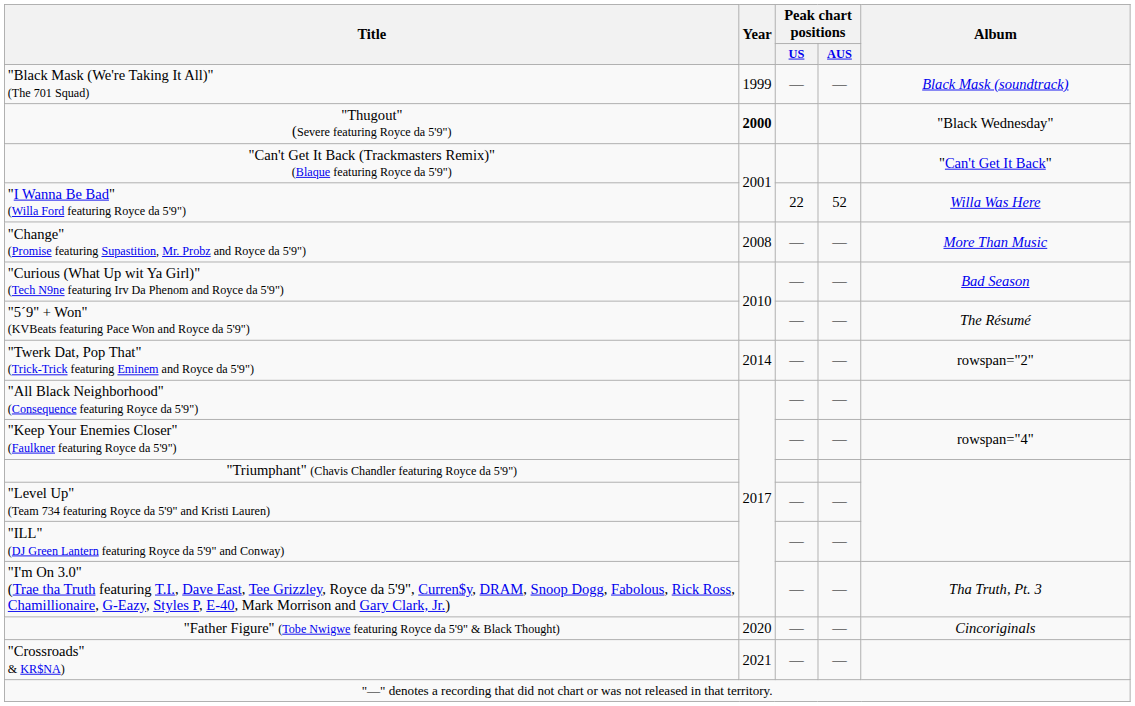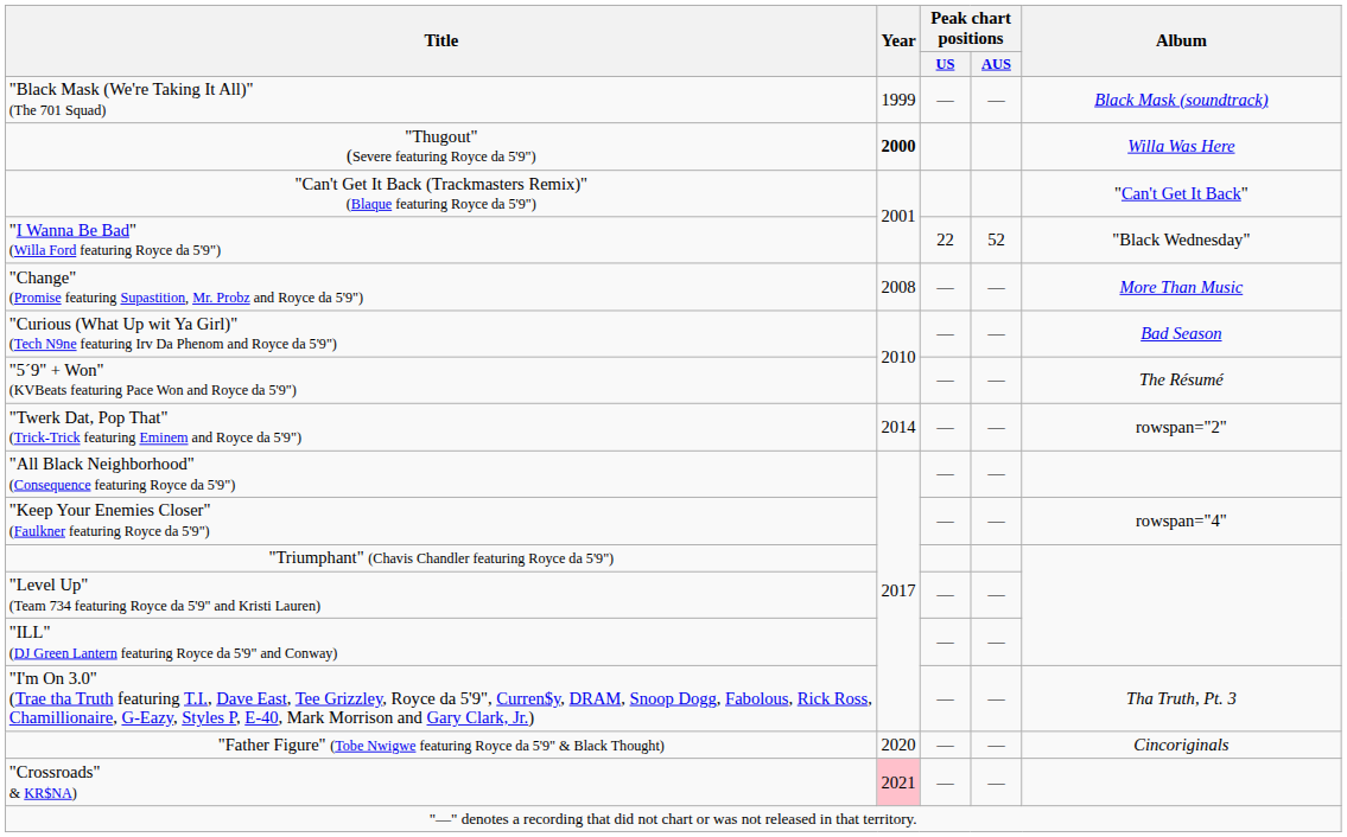 <table class="wikitable plainrowheaders" style="text-align:center;" border="1">
 <tr>
 <th scope="col" rowspan="2" style="width:50em;">Title</th>
 <th scope="col" rowspan="2">Year</th>
 <th scope="col" colspan="2">Peak chart positions</th>
 <th scope="col" rowspan="2" style="width:18em;">Album</th>
 </tr>
 <tr>
 <th style="width:3em; font-size:85%"><a href='#'>US</a><br></th>
 <th style="width:3em; font-size:85%"><a href='#'>AUS</a><br></th>
 </tr>
 <tr>
 <td style="text-align:left;">"Black Mask (We're Taking It All)"<br><small>(The 701 Squad)</small></td>
 <td>1999</td>
 <td>—</td>
 <td>—</td>
 <td><em><a href='#'>Black Mask (soundtrack)</a></em></td>
 </tr>
 <tr>
 <td>"Thugout"<br>(<small>Severe featuring Royce da 5'9")</small></td>
 <td><strong>2000</strong></td>
 <td></td>
 <td></td>
-<td>"Black Wednesday"</td>
+<td><em><a href='#'>Willa Was Here</a></em></td>
 </tr>
 <tr>
 <td>"Can't Get It Back (Trackmasters Remix)"<br><small>(<a href='#'>Blaque</a> featuring Royce da 5'9")</small></td>
 <td rowspan="2">2001</td>
 <td></td>
 <td></td>
 <td>"<a href='#'>Can't Get It Back</a>"</td>
 </tr>
 <tr>
 <td style="text-align:left;">"<a href='#'>I Wanna Be Bad</a>"<br><small>(<a href='#'>Willa Ford</a> featuring Royce da 5'9")</small></td>
 <td>22</td>
 <td>52</td>
-<td><em><a href='#'>Willa Was Here</a></em></td>
+<td>"Black Wednesday"</td>
 </tr>
 <tr>
 <td style="text-align:left;">"Change"<br><small>(<a href='#'>Promise</a> featuring <a href='#'>Supastition</a>, <a href='#'>Mr. Probz</a> and Royce da 5'9")</small></td>
 <td>2008</td>
 <td>—</td>
 <td>—</td>
 <td><em><a href='#'>More Than Music</a></em></td>
 </tr>
 <tr>
 <td style="text-align:left;">"Curious (What Up wit Ya Girl)"<br><small>(<a href='#'>Tech N9ne</a> featuring Irv Da Phenom and Royce da 5'9")</small></td>
 <td rowspan="2">2010</td>
 <td>—</td>
 <td>—</td>
 <td><em><a href='#'>Bad Season</a></em></td>
 </tr>
 <tr>
 <td style="text-align:left;">"5´9" + Won"<br><small>(KVBeats featuring Pace Won and Royce da 5'9")</small></td>
 <td>—</td>
 <td>—</td>
 <td><em>The Résumé</em></td>
 </tr>
 <tr>
 <td style="text-align:left;">"Twerk Dat, Pop That"<br><small>(<a href='#'>Trick-Trick</a> featuring <a href='#'>Eminem</a> and Royce da 5'9")</small></td>
 <td>2014</td>
 <td>—</td>
 <td>—</td>
 <td>rowspan="2" </td>
 </tr>
 <tr>
 <td style="text-align:left;">"All Black Neighborhood"<br><small>(<a href='#'>Consequence</a> featuring Royce da 5'9")</small></td>
 <td rowspan="6">2017</td>
 <td>—</td>
 <td>—</td>
 </tr>
 <tr>
 <td style="text-align:left;">"Keep Your Enemies Closer"<br><small>(<a href='#'>Faulkner</a> featuring Royce da 5'9")</small></td>
 <td>—</td>
 <td>—</td>
 <td>rowspan="4" </td>
 </tr>
 <tr>
 <td>"Triumphant" <small>(Chavis Chandler featuring Royce da 5'9")</small></td>
 <td></td>
 <td></td>
 </tr>
 <tr>
 <td style="text-align:left;">"Level Up"<br><small>(Team 734 featuring Royce da 5'9" and Kristi Lauren)</small></td>
 <td>—</td>
 <td>—</td>
 </tr>
 <tr>
 <td style="text-align:left;">"ILL"<br><small>(<a href='#'>DJ Green Lantern</a> featuring Royce da 5'9" and Conway)</small></td>
 <td>—</td>
 <td>—</td>
 </tr>
 <tr>
 <td style="text-align:left;">"I'm On 3.0"<br><span>(<a href='#'>Trae tha Truth</a> featuring <a href='#'>T.I.</a>, <a href='#'>Dave East</a>, <a href='#'>Tee Grizzley</a>, Royce da 5'9", <a href='#'>Curren$y</a>, <a href='#'>DRAM</a>, <a href='#'>Snoop Dogg</a>, <a href='#'>Fabolous</a>, <a href='#'>Rick Ross</a>, <a href='#'>Chamillionaire</a>, <a href='#'>G-Eazy</a>, <a href='#'>Styles P</a>, <a href='#'>E-40</a>, Mark Morrison and <a href='#'>Gary Clark, Jr.</a>)</span></td>
 <td>—</td>
 <td>—</td>
 <td><em>Tha Truth, Pt. 3</em></td>
 </tr>
 <tr>
 <td>"Father Figure" <small>(<a href='#'>Tobe Nwigwe</a> featuring Royce da 5'9" & Black Thought)</small></td>
 <td>2020</td>
 <td>—</td>
 <td>—</td>
 <td><em>Cincoriginals</em></td>
 </tr>
 <tr>
 <td style="text-align:left;">"Crossroads"<br><small> & <a href='#'>KR$NA</a>)</small></td>
-<td>2021</td>
+<td style="background: pink;">2021</td>
 <td>—</td>
 <td>—</td>
 <td></td>
 </tr>
 <tr>
 <td colspan="5" style="font-size:90%">"—" denotes a recording that did not chart or was not released in that territory.</td>
 </tr>
 </table>
